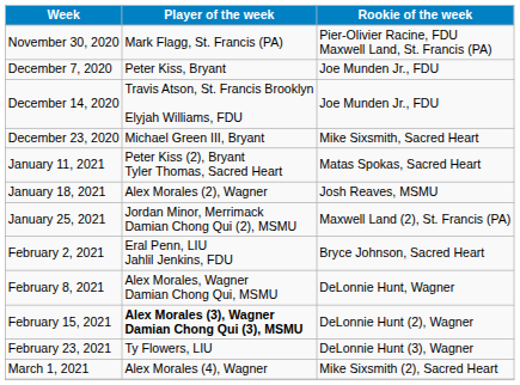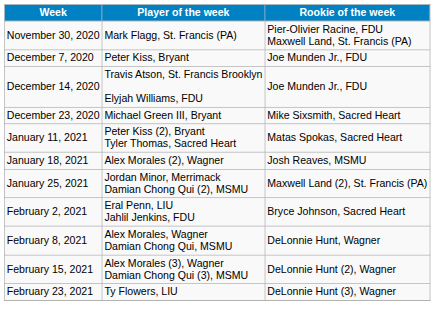 <table class="wikitable" border="1">
 <tr>
 <th align="center" style="background:#0081C4; color:#FFFFFF;">Week</th>
 <th align="center" style="background:#0081C4; color:#FFFFFF;">Player of the week</th>
 <th align="center" style="background:#0081C4; color:#FFFFFF;">Rookie of the week</th>
 </tr>
 <tr>
 <td>November 30, 2020</td>
 <td>Mark Flagg, St. Francis (PA)</td>
 <td>Pier-Olivier Racine, FDU <br> Maxwell Land, St. Francis (PA)</td>
 </tr>
 <tr>
 <td>December 7, 2020</td>
 <td>Peter Kiss, Bryant</td>
 <td>Joe Munden Jr.,  FDU</td>
 </tr>
 <tr>
 <td>December 14, 2020</td>
 <td>Travis Atson, St. Francis Brooklyn <br><br>Elyjah Williams, FDU</td>
 <td>Joe Munden Jr.,  FDU</td>
 </tr>
 <tr>
 <td>December 23, 2020</td>
 <td>Michael Green III, Bryant</td>
 <td>Mike Sixsmith, Sacred Heart</td>
 </tr>
 <tr>
 <td>January 11, 2021</td>
 <td>Peter Kiss (2), Bryant <br> Tyler Thomas, Sacred Heart</td>
 <td>Matas Spokas, Sacred Heart</td>
 </tr>
 <tr>
 <td>January 18, 2021</td>
 <td>Alex Morales (2), Wagner</td>
 <td>Josh Reaves, MSMU</td>
 </tr>
 <tr>
 <td>January 25, 2021</td>
 <td>Jordan Minor, Merrimack <br> Damian Chong Qui (2), MSMU</td>
 <td>Maxwell Land (2), St. Francis (PA)</td>
 </tr>
 <tr>
 <td>February 2, 2021</td>
 <td>Eral Penn, LIU <br> Jahlil Jenkins, FDU</td>
 <td>Bryce Johnson, Sacred Heart</td>
 </tr>
 <tr>
 <td>February 8, 2021</td>
 <td>Alex Morales, Wagner <br> Damian Chong Qui, MSMU</td>
 <td>DeLonnie Hunt, Wagner</td>
 </tr>
 <tr>
 <td>February 15, 2021</td>
-<td><strong>Alex Morales (3), Wagner <br> Damian Chong Qui (3), MSMU</strong></td>
+<td>Alex Morales (3), Wagner <br> Damian Chong Qui (3), MSMU</td>
 <td>DeLonnie Hunt (2), Wagner</td>
 </tr>
 <tr>
 <td>February 23, 2021</td>
 <td>Ty Flowers, LIU</td>
 <td>DeLonnie Hunt (3), Wagner</td>
 </tr>
 <tr>
-<td>March 1, 2021</td>
-<td>Alex Morales (4), Wagner</td>
-<td>Mike Sixsmith (2), Sacred Heart</td>
-</tr>
-<tr>
 </tr>
 </table>
